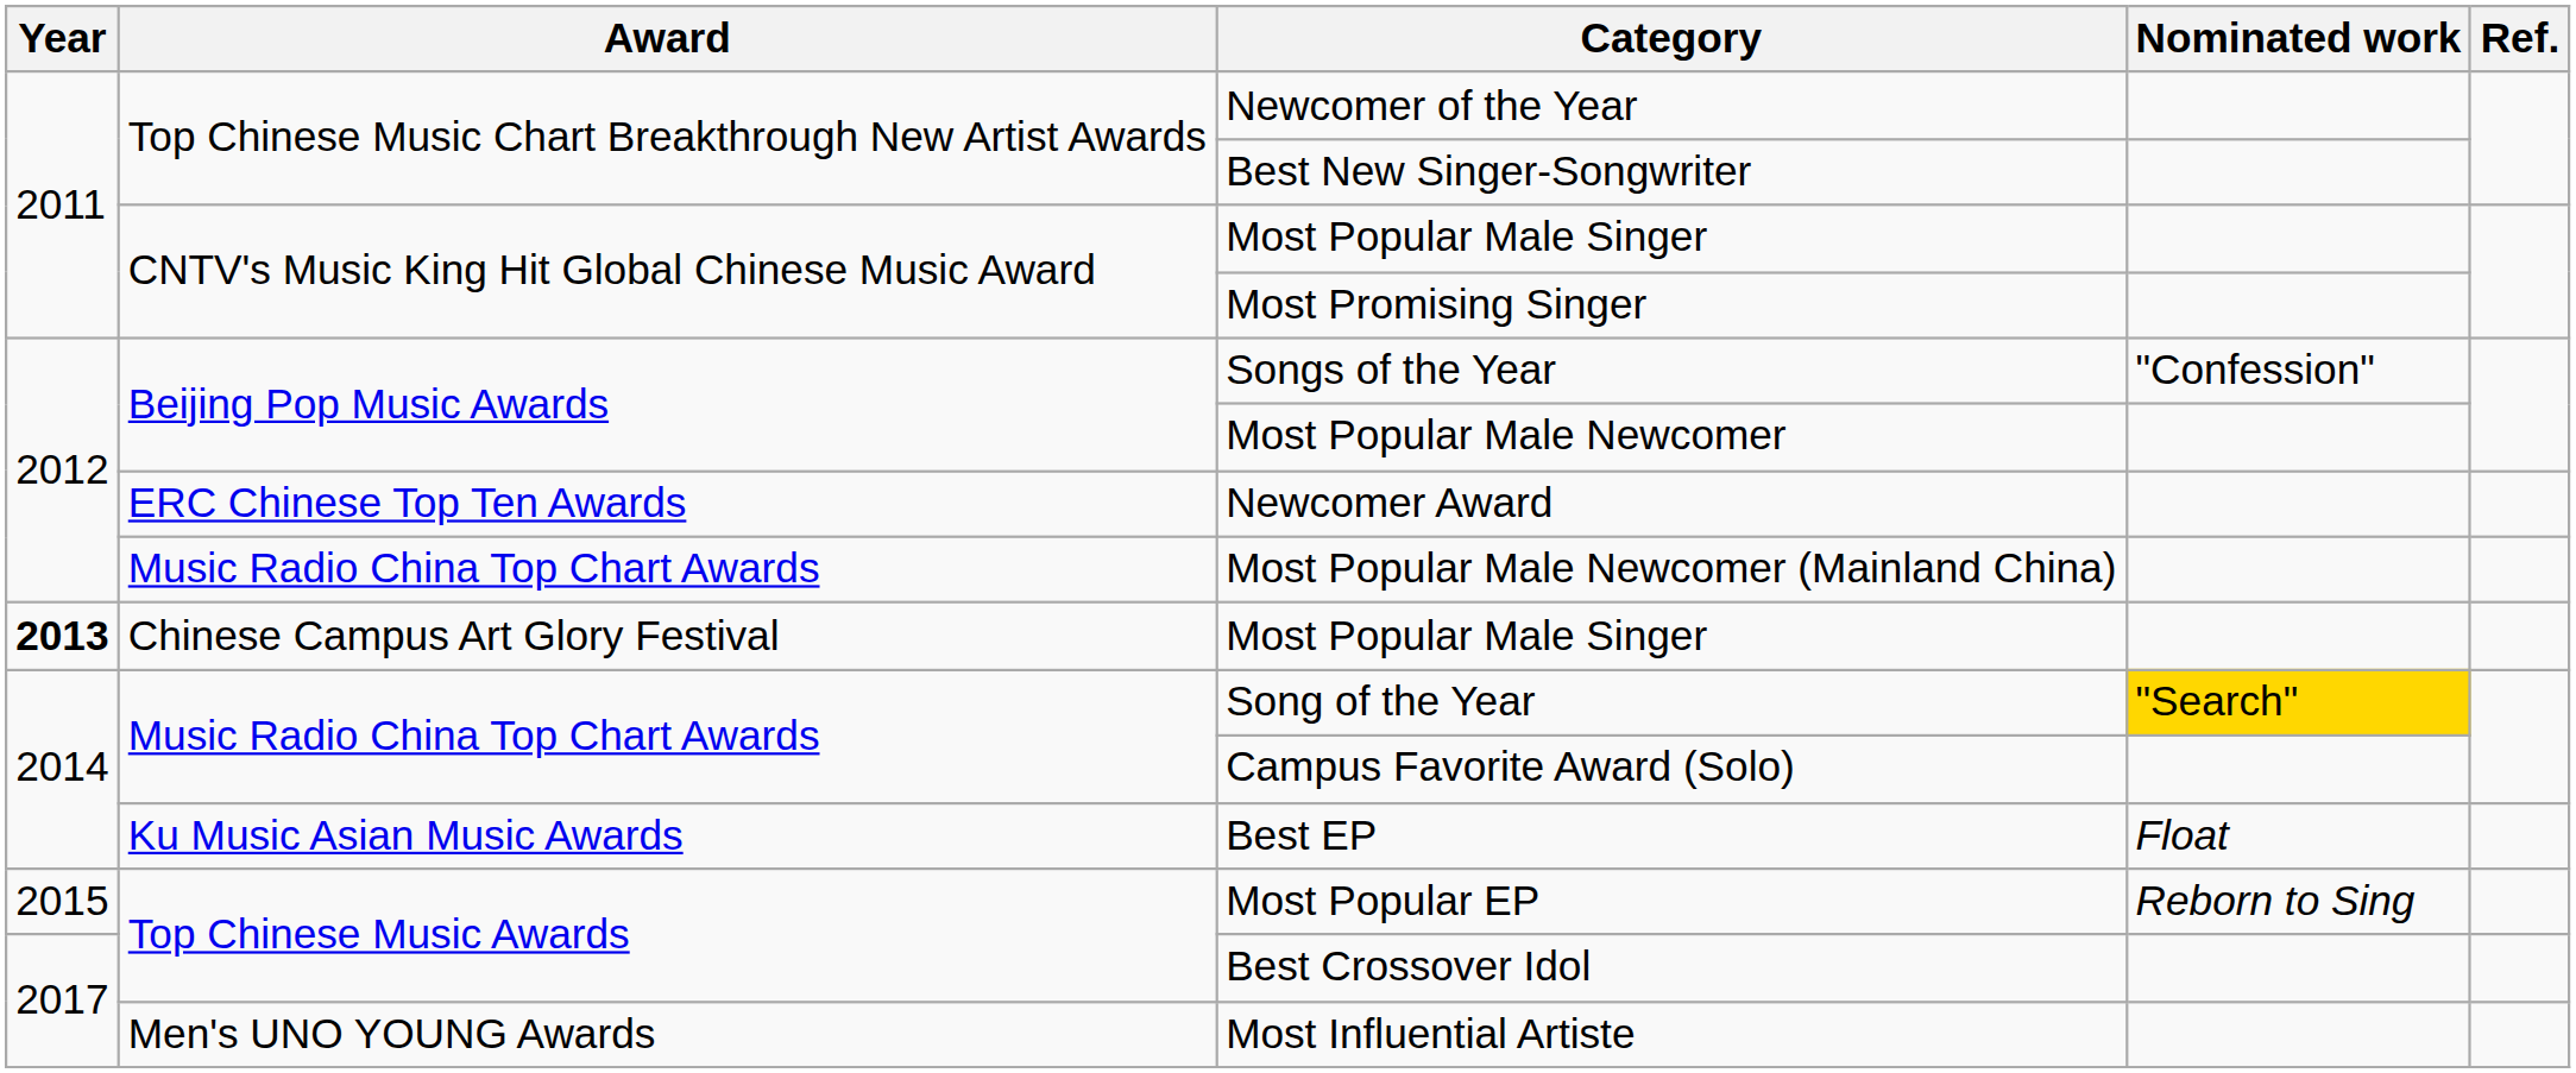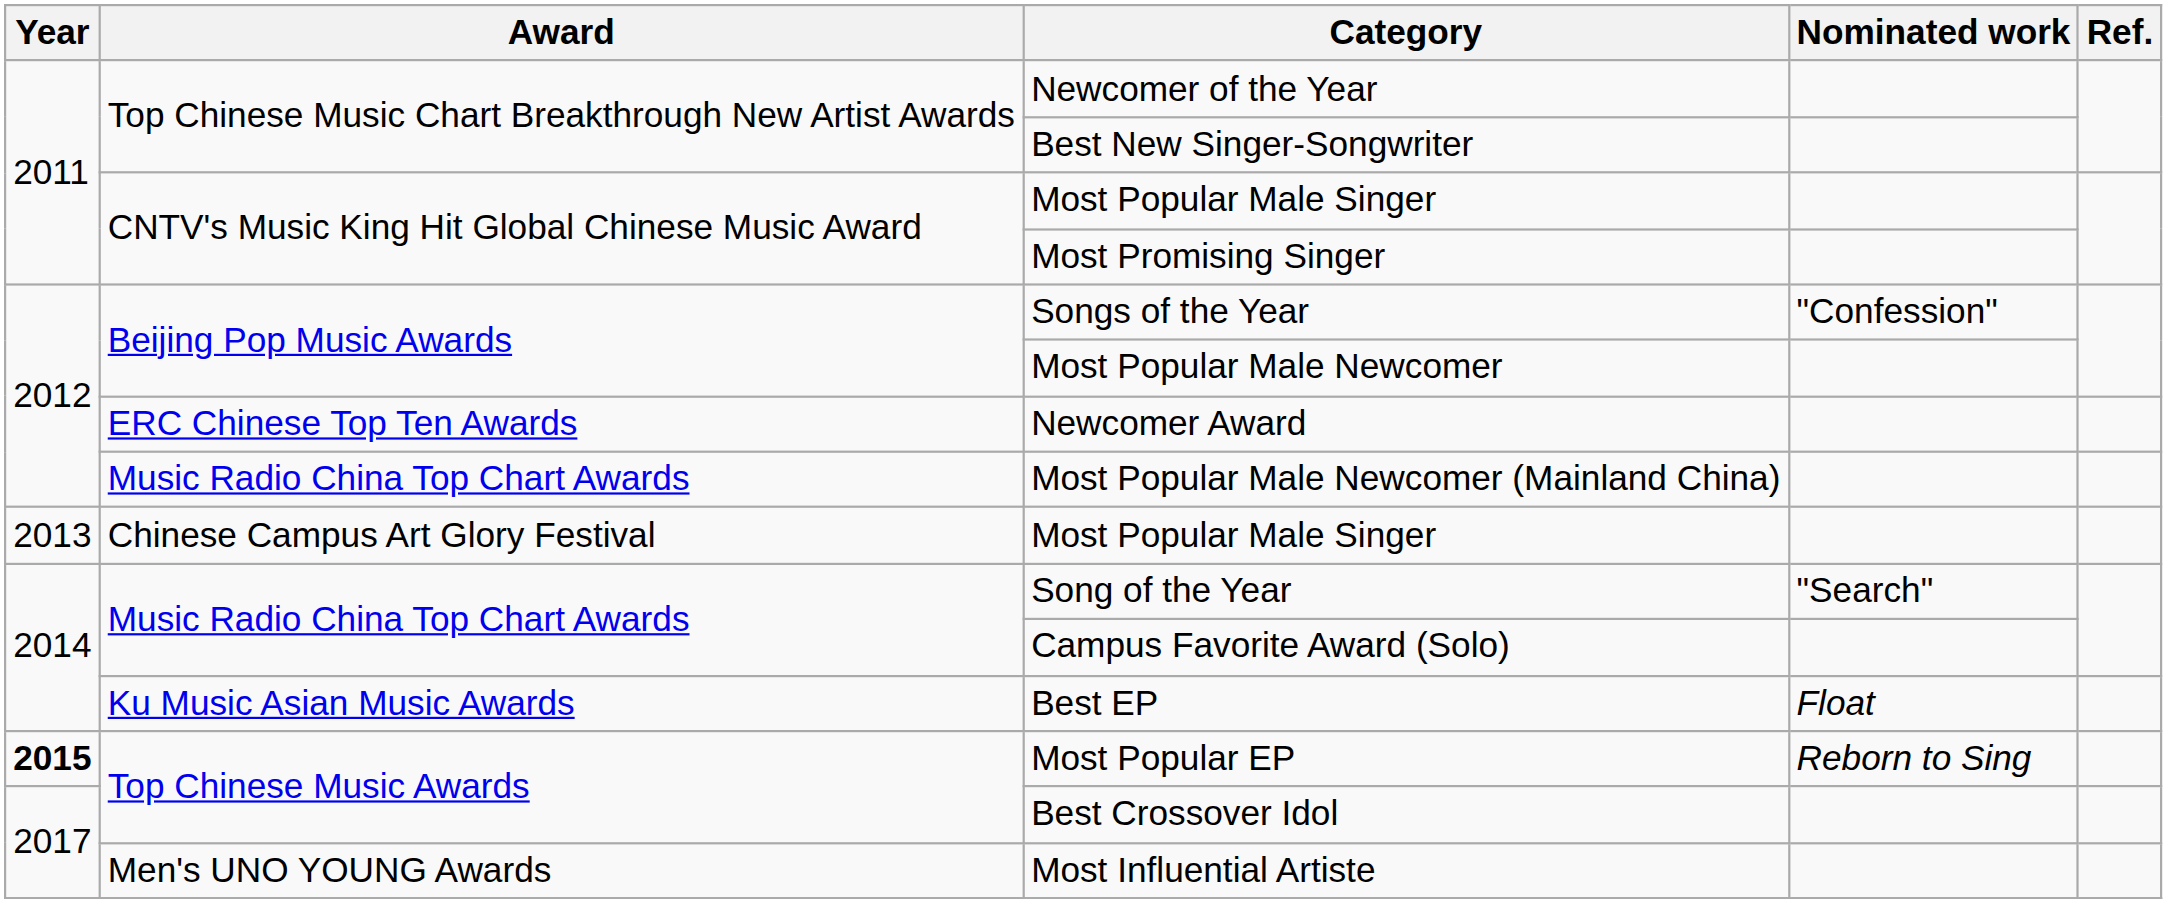 <table class="wikitable">
 <tr>
 <th>Year</th>
 <th>Award</th>
 <th>Category</th>
 <th>Nominated work</th>
 <th>Ref.</th>
 </tr>
 <tr>
 <td rowspan=4>2011</td>
 <td rowspan=2>Top Chinese Music Chart Breakthrough New Artist Awards</td>
 <td>Newcomer of the Year</td>
 <td></td>
 <td rowspan=2></td>
 </tr>
 <tr>
 <td>Best New Singer-Songwriter</td>
 <td></td>
 </tr>
 <tr>
 <td rowspan=2>CNTV's Music King Hit Global Chinese Music Award</td>
 <td>Most Popular Male Singer</td>
 <td></td>
 <td rowspan=2></td>
 </tr>
 <tr>
 <td>Most Promising Singer</td>
 <td></td>
 </tr>
 <tr>
 <td rowspan=4>2012</td>
 <td rowspan=2><a href='#'>Beijing Pop Music Awards</a></td>
 <td>Songs of the Year</td>
 <td>"Confession"</td>
 <td rowspan=2></td>
 </tr>
 <tr>
 <td>Most Popular Male Newcomer</td>
 <td></td>
 </tr>
 <tr>
 <td><a href='#'>ERC Chinese Top Ten Awards</a></td>
 <td>Newcomer Award</td>
 <td></td>
 <td></td>
 </tr>
 <tr>
 <td><a href='#'>Music Radio China Top Chart Awards</a></td>
 <td>Most Popular Male Newcomer (Mainland China)</td>
 <td></td>
 <td></td>
 </tr>
 <tr>
-<td><strong>2013</strong></td>
+<td>2013</td>
 <td>Chinese Campus Art Glory Festival</td>
 <td>Most Popular Male Singer</td>
 <td></td>
 <td></td>
 </tr>
 <tr>
 <td rowspan=3>2014</td>
 <td rowspan=2><a href='#'>Music Radio China Top Chart Awards</a></td>
 <td>Song of the Year</td>
-<td style="background: gold;">"Search"</td>
+<td>"Search"</td>
 <td rowspan=2></td>
 </tr>
 <tr>
 <td>Campus Favorite Award (Solo)</td>
 <td></td>
 </tr>
 <tr>
 <td><a href='#'>Ku Music Asian Music Awards</a></td>
 <td>Best EP</td>
 <td><em>Float</em></td>
 <td></td>
 </tr>
 <tr>
-<td>2015</td>
+<td><strong>2015</strong></td>
 <td rowspan=2><a href='#'>Top Chinese Music Awards</a></td>
 <td>Most Popular EP</td>
 <td><em>Reborn to Sing</em></td>
 <td></td>
 </tr>
 <tr>
 <td rowspan=2>2017</td>
 <td>Best Crossover Idol</td>
 <td></td>
 <td></td>
 </tr>
 <tr>
 <td>Men's UNO YOUNG Awards</td>
 <td>Most Influential Artiste</td>
 <td></td>
 <td></td>
 </tr>
 <tr>
 </tr>
 </table>
